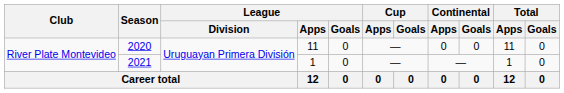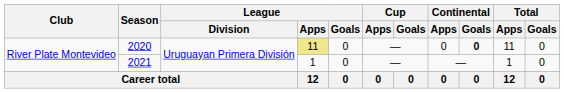 <table class="wikitable" Style="text-align: center">
 <tr>
 <th rowspan="2">Club</th>
 <th rowspan="2">Season</th>
 <th colspan="3">League</th>
 <th colspan="2">Cup</th>
 <th colspan="2">Continental</th>
 <th colspan="2">Total</th>
 </tr>
 <tr>
 <th>Division</th>
 <th>Apps</th>
 <th>Goals</th>
 <th>Apps</th>
 <th>Goals</th>
 <th>Apps</th>
 <th>Goals</th>
 <th>Apps</th>
 <th>Goals</th>
 </tr>
 <tr>
 <td rowspan="2"><a href='#'>River Plate Montevideo</a></td>
 <td><a href='#'>2020</a></td>
 <td rowspan="2"><a href='#'>Uruguayan Primera División</a></td>
-<td>11</td>
+<td style="background: khaki;">11</td>
 <td>0</td>
 <td colspan="2">—</td>
 <td>0</td>
-<td>0</td>
+<td><strong>0</strong></td>
 <td>11</td>
 <td>0</td>
 </tr>
 <tr>
 <td><a href='#'>2021</a></td>
 <td>1</td>
 <td>0</td>
 <td colspan="2">—</td>
 <td colspan="2">—</td>
 <td>1</td>
 <td>0</td>
 </tr>
 <tr>
 <th colspan="3">Career total</th>
 <th>12</th>
 <th>0</th>
 <th>0</th>
 <th>0</th>
 <th>0</th>
 <th>0</th>
 <th>12</th>
 <th>0</th>
 </tr>
 </table>
